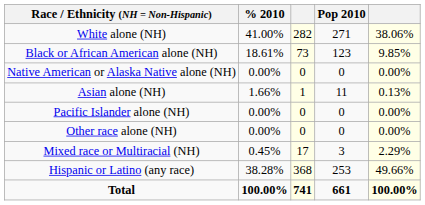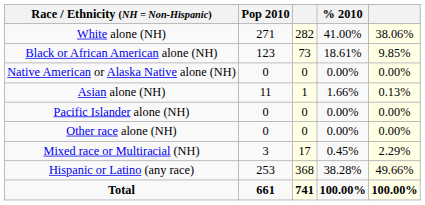 <table class="wikitable" style="text-align:center;">
 <tr>
 <th>Race / Ethnicity <small>(<em>NH = Non-Hispanic</em>)</small></th>
+<th>Pop 2010</th>
+<th></th>
 <th>% 2010</th>
-<th></th>
-<th>Pop 2010</th>
 <th></th>
 </tr>
 <tr>
 <td><a href='#'>White</a> alone (NH)</td>
+<td>271</td>
+<td style='background: #ffffe6;'>282</td>
 <td>41.00%</td>
-<td style='background: #ffffe6;'>282</td>
-<td>271</td>
 <td style='background: #ffffe6;'>38.06%</td>
 </tr>
 <tr>
 <td><a href='#'>Black or African American</a> alone (NH)</td>
+<td>123</td>
+<td style='background: #ffffe6;'>73</td>
 <td>18.61%</td>
-<td style='background: #ffffe6;'>73</td>
-<td>123</td>
 <td style='background: #ffffe6;'>9.85%</td>
 </tr>
 <tr>
 <td><a href='#'>Native American</a> or <a href='#'>Alaska Native</a> alone (NH)</td>
+<td>0</td>
+<td style='background: #ffffe6;'>0</td>
 <td>0.00%</td>
-<td style='background: #ffffe6;'>0</td>
-<td>0</td>
 <td style='background: #ffffe6;'>0.00%</td>
 </tr>
 <tr>
 <td><a href='#'>Asian</a> alone (NH)</td>
+<td>11</td>
+<td style='background: #ffffe6;'>1</td>
 <td>1.66%</td>
-<td style='background: #ffffe6;'>1</td>
-<td>11</td>
 <td style='background: #ffffe6;'>0.13%</td>
 </tr>
 <tr>
 <td><a href='#'>Pacific Islander</a> alone (NH)</td>
+<td>0</td>
+<td style='background: #ffffe6;'>0</td>
 <td>0.00%</td>
-<td style='background: #ffffe6;'>0</td>
-<td>0</td>
 <td style='background: #ffffe6;'>0.00%</td>
 </tr>
 <tr>
 <td><a href='#'>Other race</a> alone (NH)</td>
+<td>0</td>
+<td style='background: #ffffe6;'>0</td>
 <td>0.00%</td>
-<td style='background: #ffffe6;'>0</td>
-<td>0</td>
 <td style='background: #ffffe6;'>0.00%</td>
 </tr>
 <tr>
 <td><a href='#'>Mixed race or Multiracial</a> (NH)</td>
+<td>3</td>
+<td style='background: #ffffe6;'>17</td>
 <td>0.45%</td>
-<td style='background: #ffffe6;'>17</td>
-<td>3</td>
 <td style='background: #ffffe6;'>2.29%</td>
 </tr>
 <tr>
 <td><a href='#'>Hispanic or Latino</a> (any race)</td>
+<td>253</td>
+<td style='background: #ffffe6;'>368</td>
 <td>38.28%</td>
-<td style='background: #ffffe6;'>368</td>
-<td>253</td>
 <td style='background: #ffffe6;'>49.66%</td>
 </tr>
 <tr>
 <td><strong>Total</strong></td>
+<td><strong>661</strong></td>
+<td style='background: #ffffe6;'><strong>741</strong></td>
 <td><strong>100.00%</strong></td>
-<td style='background: #ffffe6;'><strong>741</strong></td>
-<td><strong>661</strong></td>
 <td style='background: #ffffe6;'><strong>100.00%</strong></td>
 </tr>
 </table>
